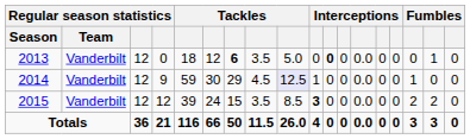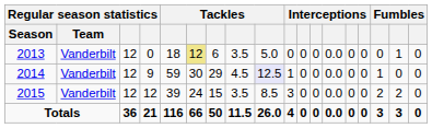 <table class="wikitable" style="text-align:center;">
 <tr>
 <th colspan="4">Regular season statistics</th>
 <th colspan="5">Tackles</th>
 <th colspan="6">Interceptions</th>
 <th colspan="3">Fumbles</th>
 </tr>
 <tr>
 <th>Season</th>
 <th>Team</th>
 <th></th>
 <th></th>
 <th></th>
 <th></th>
 <th></th>
 <th></th>
 <th></th>
 <th></th>
 <th></th>
 <th></th>
 <th></th>
 <th></th>
 <th></th>
 <th></th>
 <th></th>
 <th></th>
 </tr>
 <tr>
 <td><a href='#'>2013</a></td>
 <td><a href='#'>Vanderbilt</a></td>
 <td>12</td>
 <td>0</td>
 <td>18</td>
-<td>12</td>
-<td><strong>6</strong></td>
+<td style="background: khaki;">12</td>
+<td>6</td>
 <td>3.5</td>
 <td>5.0</td>
 <td>0</td>
-<td><strong>0</strong></td>
+<td>0</td>
 <td>0</td>
 <td>0.0</td>
 <td>0</td>
 <td>0</td>
 <td>0</td>
 <td>1</td>
 <td>0</td>
 </tr>
 <tr>
 <td><a href='#'>2014</a></td>
 <td><a href='#'>Vanderbilt</a></td>
 <td>12</td>
 <td>9</td>
 <td>59</td>
 <td>30</td>
 <td>29</td>
 <td>4.5</td>
 <td style="background: lavender;">12.5</td>
 <td>1</td>
 <td>0</td>
 <td>0</td>
 <td>0.0</td>
 <td>0</td>
 <td>0</td>
 <td>1</td>
 <td>0</td>
 <td>0</td>
 </tr>
 <tr>
 <td><a href='#'>2015</a></td>
 <td><a href='#'>Vanderbilt</a></td>
 <td>12</td>
 <td>12</td>
 <td>39</td>
 <td>24</td>
 <td>15</td>
 <td>3.5</td>
 <td>8.5</td>
-<td><strong>3</strong></td>
+<td>3</td>
 <td>0</td>
 <td>0</td>
 <td>0.0</td>
 <td>0</td>
 <td>0</td>
 <td>2</td>
 <td>2</td>
 <td>0</td>
 </tr>
 <tr>
 <td colspan="2"><strong>Totals</strong></td>
 <td><strong>36</strong></td>
 <td><strong>21</strong></td>
 <td><strong>116</strong></td>
 <td><strong>66</strong></td>
 <td><strong>50</strong></td>
 <td><strong>11.5</strong></td>
 <td><strong>26.0</strong></td>
 <td><strong>4</strong></td>
 <td><strong>0</strong></td>
 <td><strong>0</strong></td>
 <td><strong>0.0</strong></td>
 <td><strong>0</strong></td>
 <td><strong>0</strong></td>
 <td><strong>3</strong></td>
 <td><strong>3</strong></td>
 <td><strong>0</strong></td>
 </tr>
 </table>
